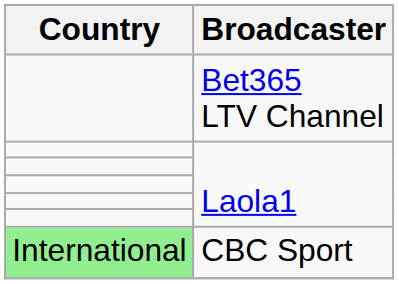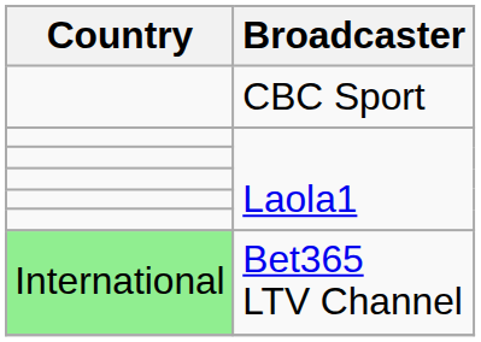 <table class="wikitable">
 <tr>
 <th>Country</th>
 <th>Broadcaster</th>
 </tr>
 <tr>
 <td></td>
-<td><a href='#'>Bet365</a><br>LTV Channel</td>
+<td>CBC Sport</td>
 </tr>
 <tr>
 <td align="left"><strong></strong></td>
 <td rowspan="5"><br> <a href='#'>Laola1</a></td>
 </tr>
 <tr>
 <td align="left"><strong></strong></td>
 </tr>
 <tr>
 <td align="left"><strong></strong></td>
 </tr>
 <tr>
 <td align="left"><strong></strong></td>
 </tr>
 <tr>
 <td align="left"><strong></strong></td>
 </tr>
 <tr>
 <td style="background: lightgreen;">International</td>
-<td>CBC Sport</td>
+<td><a href='#'>Bet365</a><br>LTV Channel</td>
 </tr>
 <tr>
 </tr>
 </table>
